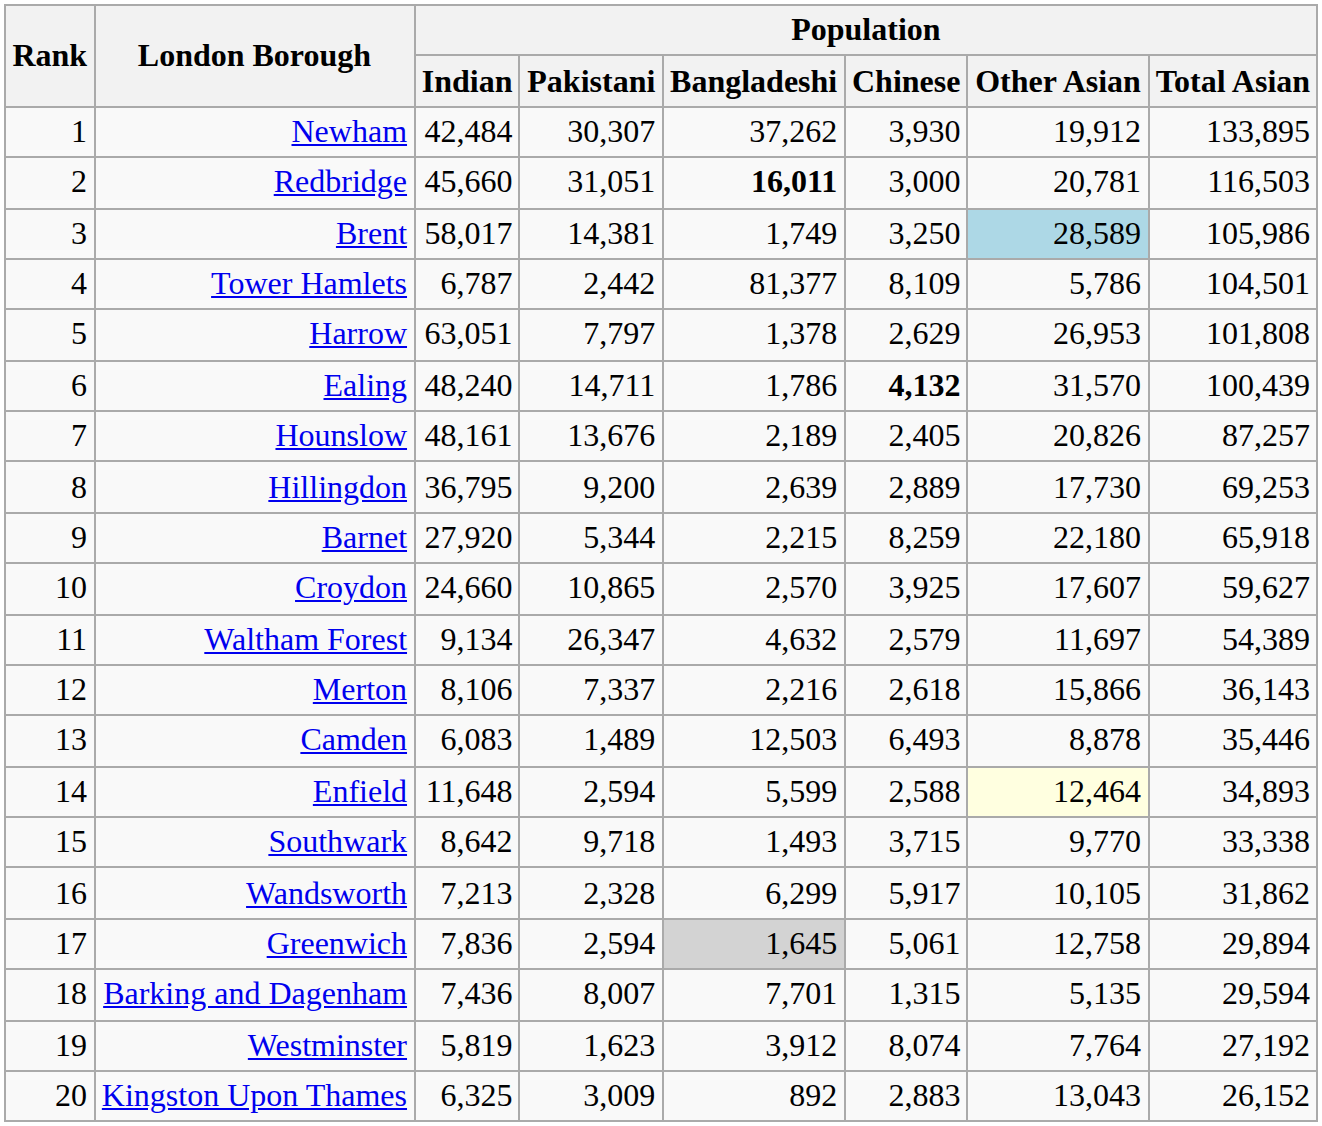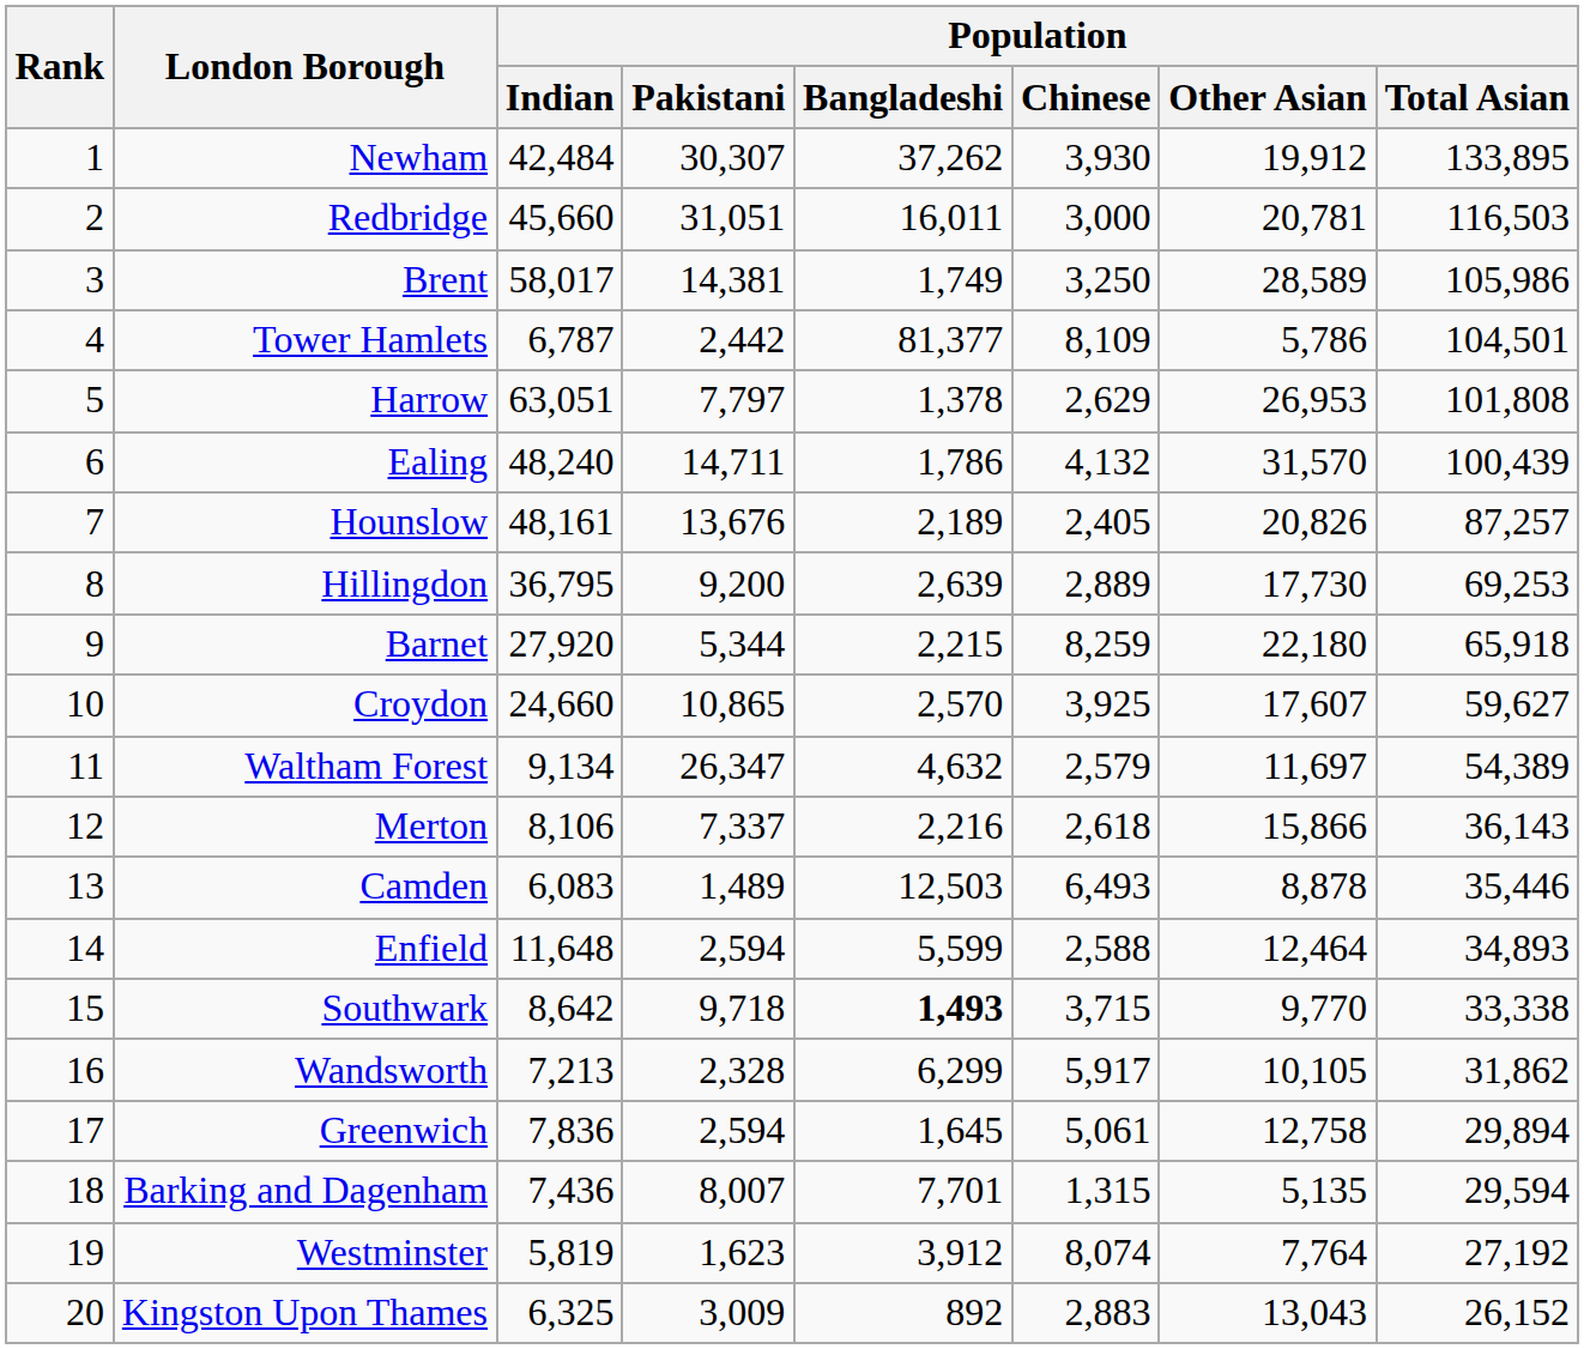 <table class="wikitable sortable col2left" style="text-align:right;">
 <tr>
 <th rowspan=2>Rank</th>
 <th rowspan=2>London Borough</th>
 <th colspan=6>Population</th>
 </tr>
 <tr>
 <th>Indian</th>
 <th>Pakistani</th>
 <th>Bangladeshi</th>
 <th>Chinese</th>
 <th>Other Asian</th>
 <th>Total Asian</th>
 </tr>
 <tr>
 <td>1</td>
 <td><a href='#'>Newham</a></td>
 <td>42,484</td>
 <td>30,307</td>
 <td>37,262</td>
 <td>3,930</td>
 <td>19,912</td>
 <td>133,895</td>
 </tr>
 <tr>
 <td>2</td>
 <td><a href='#'>Redbridge</a></td>
 <td>45,660</td>
 <td>31,051</td>
-<td><strong>16,011</strong></td>
+<td>16,011</td>
 <td>3,000</td>
 <td>20,781</td>
 <td>116,503</td>
 </tr>
 <tr>
 <td>3</td>
 <td><a href='#'>Brent</a></td>
 <td>58,017</td>
 <td>14,381</td>
 <td>1,749</td>
 <td>3,250</td>
-<td style="background: lightblue;">28,589</td>
+<td>28,589</td>
 <td>105,986</td>
 </tr>
 <tr>
 <td>4</td>
 <td><a href='#'>Tower Hamlets</a></td>
 <td>6,787</td>
 <td>2,442</td>
 <td>81,377</td>
 <td>8,109</td>
 <td>5,786</td>
 <td>104,501</td>
 </tr>
 <tr>
 <td>5</td>
 <td><a href='#'>Harrow</a></td>
 <td>63,051</td>
 <td>7,797</td>
 <td>1,378</td>
 <td>2,629</td>
 <td>26,953</td>
 <td>101,808</td>
 </tr>
 <tr>
 <td>6</td>
 <td><a href='#'>Ealing</a></td>
 <td>48,240</td>
 <td>14,711</td>
 <td>1,786</td>
-<td><strong>4,132</strong></td>
+<td>4,132</td>
 <td>31,570</td>
 <td>100,439</td>
 </tr>
 <tr>
 <td>7</td>
 <td><a href='#'>Hounslow</a></td>
 <td>48,161</td>
 <td>13,676</td>
 <td>2,189</td>
 <td>2,405</td>
 <td>20,826</td>
 <td>87,257</td>
 </tr>
 <tr>
 <td>8</td>
 <td><a href='#'>Hillingdon</a></td>
 <td>36,795</td>
 <td>9,200</td>
 <td>2,639</td>
 <td>2,889</td>
 <td>17,730</td>
 <td>69,253</td>
 </tr>
 <tr>
 <td>9</td>
 <td><a href='#'>Barnet</a></td>
 <td>27,920</td>
 <td>5,344</td>
 <td>2,215</td>
 <td>8,259</td>
 <td>22,180</td>
 <td>65,918</td>
 </tr>
 <tr>
 <td>10</td>
 <td><a href='#'>Croydon</a></td>
 <td>24,660</td>
 <td>10,865</td>
 <td>2,570</td>
 <td>3,925</td>
 <td>17,607</td>
 <td>59,627</td>
 </tr>
 <tr>
 <td>11</td>
 <td><a href='#'>Waltham Forest</a></td>
 <td>9,134</td>
 <td>26,347</td>
 <td>4,632</td>
 <td>2,579</td>
 <td>11,697</td>
 <td>54,389</td>
 </tr>
 <tr>
 <td>12</td>
 <td><a href='#'>Merton</a></td>
 <td>8,106</td>
 <td>7,337</td>
 <td>2,216</td>
 <td>2,618</td>
 <td>15,866</td>
 <td>36,143</td>
 </tr>
 <tr>
 <td>13</td>
 <td><a href='#'>Camden</a></td>
 <td>6,083</td>
 <td>1,489</td>
 <td>12,503</td>
 <td>6,493</td>
 <td>8,878</td>
 <td>35,446</td>
 </tr>
 <tr>
 <td>14</td>
 <td><a href='#'>Enfield</a></td>
 <td>11,648</td>
 <td>2,594</td>
 <td>5,599</td>
 <td>2,588</td>
-<td style="background: lightyellow;">12,464</td>
+<td>12,464</td>
 <td>34,893</td>
 </tr>
 <tr>
 <td>15</td>
 <td><a href='#'>Southwark</a></td>
 <td>8,642</td>
 <td>9,718</td>
-<td>1,493</td>
+<td><strong>1,493</strong></td>
 <td>3,715</td>
 <td>9,770</td>
 <td>33,338</td>
 </tr>
 <tr>
 <td>16</td>
 <td><a href='#'>Wandsworth</a></td>
 <td>7,213</td>
 <td>2,328</td>
 <td>6,299</td>
 <td>5,917</td>
 <td>10,105</td>
 <td>31,862</td>
 </tr>
 <tr>
 <td>17</td>
 <td><a href='#'>Greenwich</a></td>
 <td>7,836</td>
 <td>2,594</td>
-<td style="background: lightgrey;">1,645</td>
+<td>1,645</td>
 <td>5,061</td>
 <td>12,758</td>
 <td>29,894</td>
 </tr>
 <tr>
 <td>18</td>
 <td><a href='#'>Barking and Dagenham</a></td>
 <td>7,436</td>
 <td>8,007</td>
 <td>7,701</td>
 <td>1,315</td>
 <td>5,135</td>
 <td>29,594</td>
 </tr>
 <tr>
 <td>19</td>
 <td><a href='#'>Westminster</a></td>
 <td>5,819</td>
 <td>1,623</td>
 <td>3,912</td>
 <td>8,074</td>
 <td>7,764</td>
 <td>27,192</td>
 </tr>
 <tr>
 <td>20</td>
 <td><a href='#'>Kingston Upon Thames</a></td>
 <td>6,325</td>
 <td>3,009</td>
 <td>892</td>
 <td>2,883</td>
 <td>13,043</td>
 <td>26,152</td>
 </tr>
 </table>
